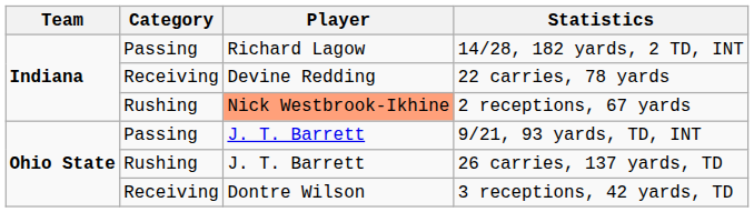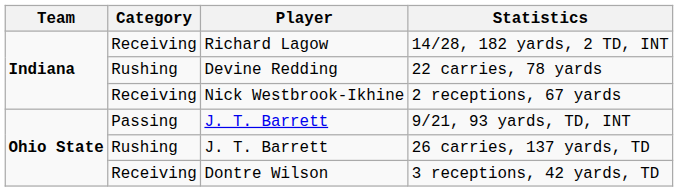 <table class="wikitable" style="float: right;">
 <tr>
 <th>Team</th>
 <th>Category</th>
 <th>Player</th>
 <th>Statistics</th>
 </tr>
 <tr>
 <td rowspan=3><strong>Indiana</strong></td>
-<td>Passing</td>
+<td>Receiving</td>
 <td>Richard Lagow</td>
 <td>14/28, 182 yards, 2 TD, INT</td>
 </tr>
 <tr>
-<td>Receiving</td>
+<td>Rushing</td>
 <td>Devine Redding</td>
 <td>22 carries, 78 yards</td>
 </tr>
 <tr>
-<td>Rushing</td>
-<td style="background: lightsalmon;">Nick Westbrook-Ikhine</td>
+<td>Receiving</td>
+<td>Nick Westbrook-Ikhine</td>
 <td>2 receptions, 67 yards</td>
 </tr>
 <tr>
 <td rowspan=3><strong>Ohio State</strong></td>
 <td>Passing</td>
 <td><a href='#'>J. T. Barrett</a></td>
 <td>9/21, 93 yards, TD, INT</td>
 </tr>
 <tr>
 <td>Rushing</td>
 <td>J. T. Barrett</td>
 <td>26 carries, 137 yards, TD</td>
 </tr>
 <tr>
 <td>Receiving</td>
 <td>Dontre Wilson</td>
 <td>3 receptions, 42 yards, TD</td>
 </tr>
 </table>
